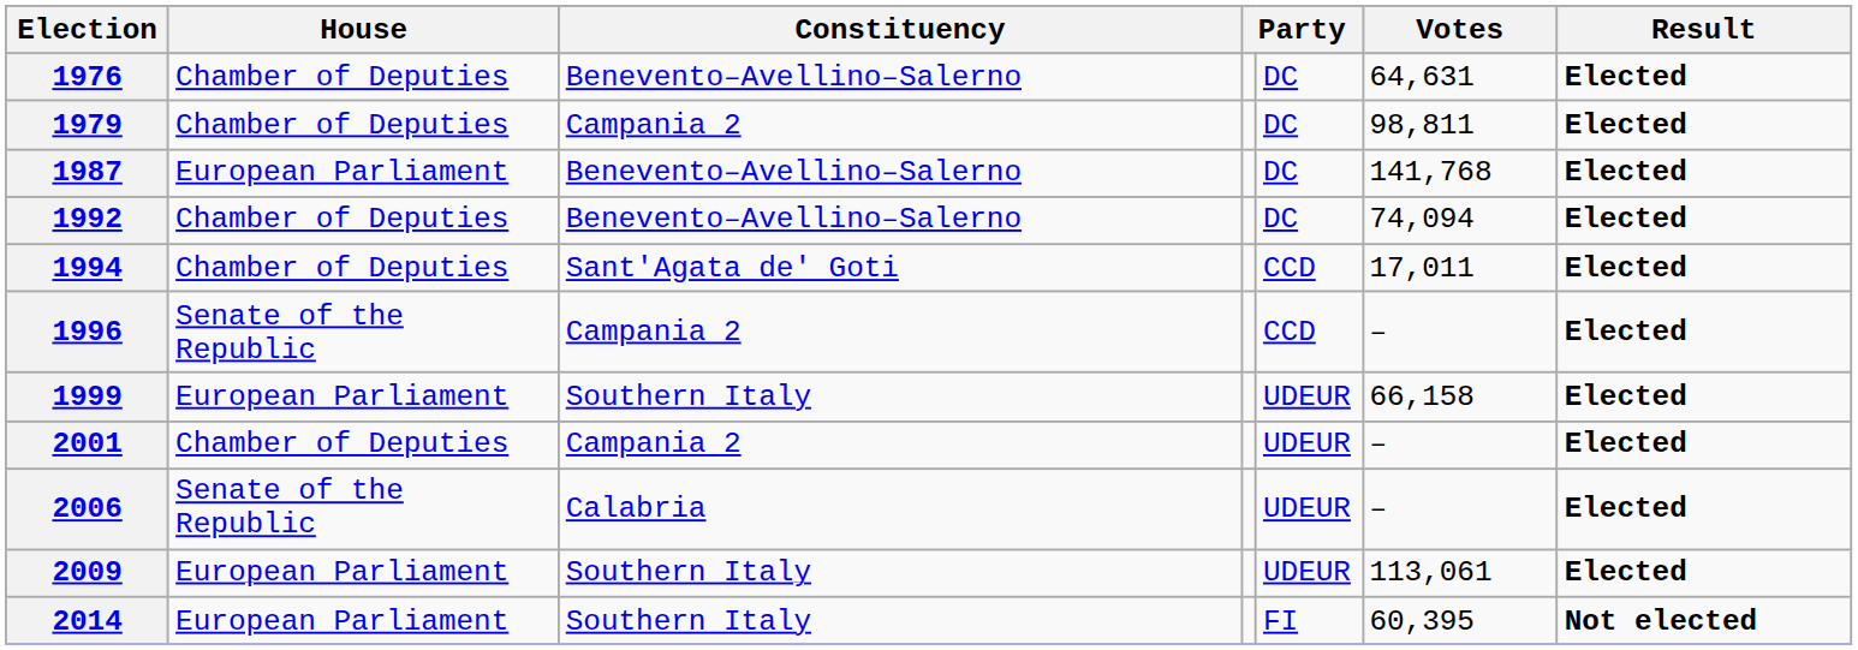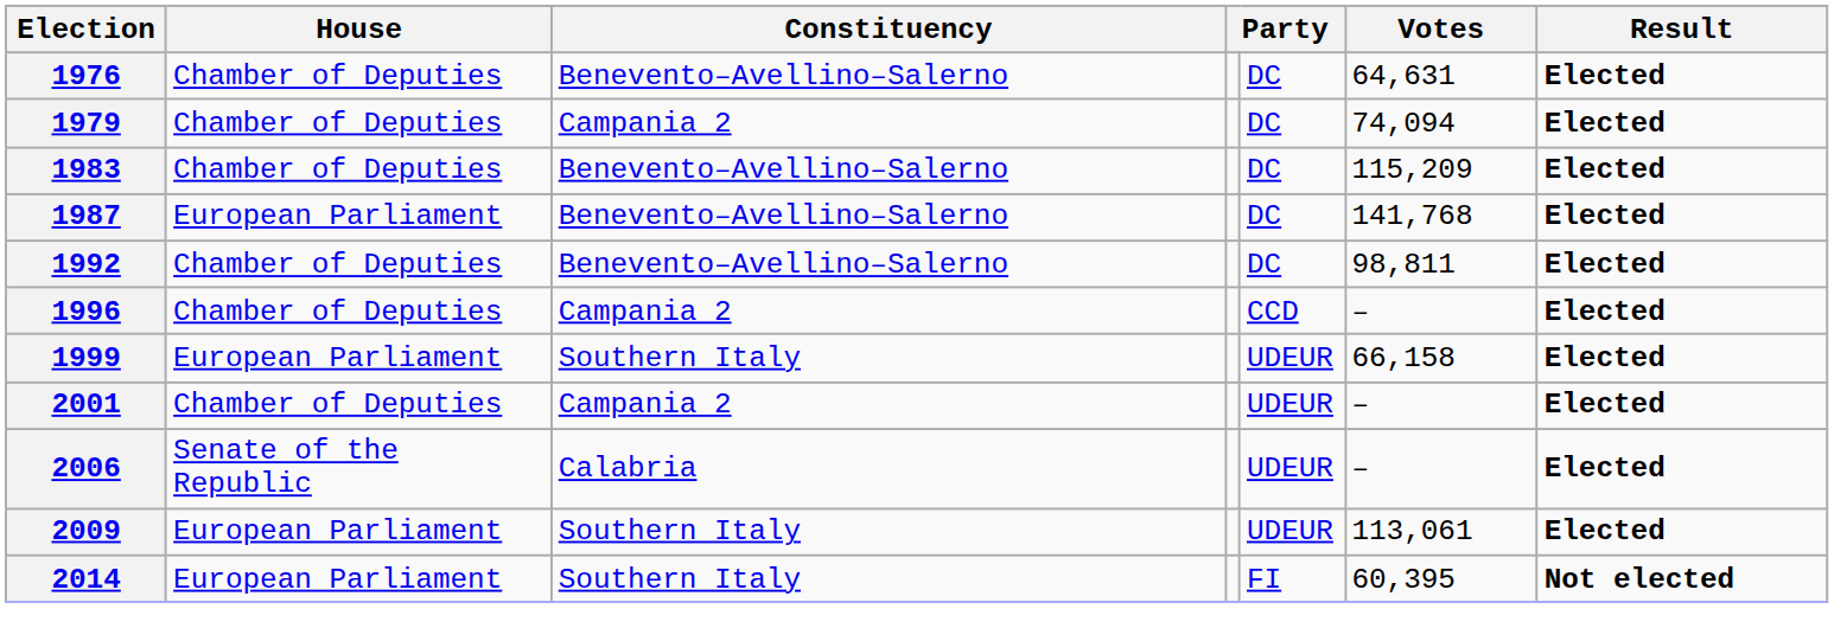 <table class=wikitable style="width:65%; border:1px #AAAAFF solid">
 <tr>
 <th width=8%>Election</th>
 <th width=20%>House</th>
 <th width=35%>Constituency</th>
 <th width=5% colspan="2">Party</th>
 <th width=10%>Votes</th>
 <th width=15%>Result</th>
 </tr>
 <tr>
 <th><a href='#'>1976</a></th>
 <td><a href='#'>Chamber of Deputies</a></td>
 <td><a href='#'>Benevento–Avellino–Salerno</a></td>
 <td></td>
 <td><a href='#'>DC</a></td>
 <td>64,631</td>
 <td> <strong>Elected</strong></td>
 </tr>
 <tr>
 <th><a href='#'>1979</a></th>
 <td><a href='#'>Chamber of Deputies</a></td>
 <td><a href='#'>Campania 2</a></td>
 <td></td>
 <td><a href='#'>DC</a></td>
-<td>98,811</td>
+<td>74,094</td>
+<td> <strong>Elected</strong></td>
+</tr>
+<tr>
+<th><a href='#'>1983</a></th>
+<td><a href='#'>Chamber of Deputies</a></td>
+<td><a href='#'>Benevento–Avellino–Salerno</a></td>
+<td></td>
+<td><a href='#'>DC</a></td>
+<td>115,209</td>
 <td> <strong>Elected</strong></td>
 </tr>
 <tr>
 <th><a href='#'>1987</a></th>
 <td><a href='#'>European Parliament</a></td>
 <td><a href='#'>Benevento–Avellino–Salerno</a></td>
 <td></td>
 <td><a href='#'>DC</a></td>
 <td>141,768</td>
 <td> <strong>Elected</strong></td>
 </tr>
 <tr>
 <th><a href='#'>1992</a></th>
 <td><a href='#'>Chamber of Deputies</a></td>
 <td><a href='#'>Benevento–Avellino–Salerno</a></td>
 <td></td>
 <td><a href='#'>DC</a></td>
-<td>74,094</td>
-<td> <strong>Elected</strong></td>
-</tr>
-<tr>
-<th><a href='#'>1994</a></th>
-<td><a href='#'>Chamber of Deputies</a></td>
-<td><a href='#'>Sant'Agata de' Goti</a></td>
-<td></td>
-<td><a href='#'>CCD</a></td>
-<td>17,011</td>
+<td>98,811</td>
 <td> <strong>Elected</strong></td>
 </tr>
 <tr>
 <th><a href='#'>1996</a></th>
-<td><a href='#'>Senate of the Republic</a></td>
+<td><a href='#'>Chamber of Deputies</a></td>
 <td><a href='#'>Campania 2</a></td>
 <td></td>
 <td><a href='#'>CCD</a></td>
 <td>–</td>
 <td> <strong>Elected</strong></td>
 </tr>
 <tr>
 <th><a href='#'>1999</a></th>
 <td><a href='#'>European Parliament</a></td>
 <td><a href='#'>Southern Italy</a></td>
 <td></td>
 <td><a href='#'>UDEUR</a></td>
 <td>66,158</td>
 <td> <strong>Elected</strong></td>
 </tr>
 <tr>
 <th><a href='#'>2001</a></th>
 <td><a href='#'>Chamber of Deputies</a></td>
 <td><a href='#'>Campania 2</a></td>
 <td></td>
 <td><a href='#'>UDEUR</a></td>
 <td>–</td>
 <td> <strong>Elected</strong></td>
 </tr>
 <tr>
 <th><a href='#'>2006</a></th>
 <td><a href='#'>Senate of the Republic</a></td>
 <td><a href='#'>Calabria</a></td>
 <td></td>
 <td><a href='#'>UDEUR</a></td>
 <td>–</td>
 <td> <strong>Elected</strong></td>
 </tr>
 <tr>
 <th><a href='#'>2009</a></th>
 <td><a href='#'>European Parliament</a></td>
 <td><a href='#'>Southern Italy</a></td>
 <td></td>
 <td><a href='#'>UDEUR</a></td>
 <td>113,061</td>
 <td> <strong>Elected</strong></td>
 </tr>
 <tr>
 <th><a href='#'>2014</a></th>
 <td><a href='#'>European Parliament</a></td>
 <td><a href='#'>Southern Italy</a></td>
 <td></td>
 <td><a href='#'>FI</a></td>
 <td>60,395</td>
 <td> <strong>Not elected</strong></td>
 </tr>
 <tr>
 </tr>
 </table>
